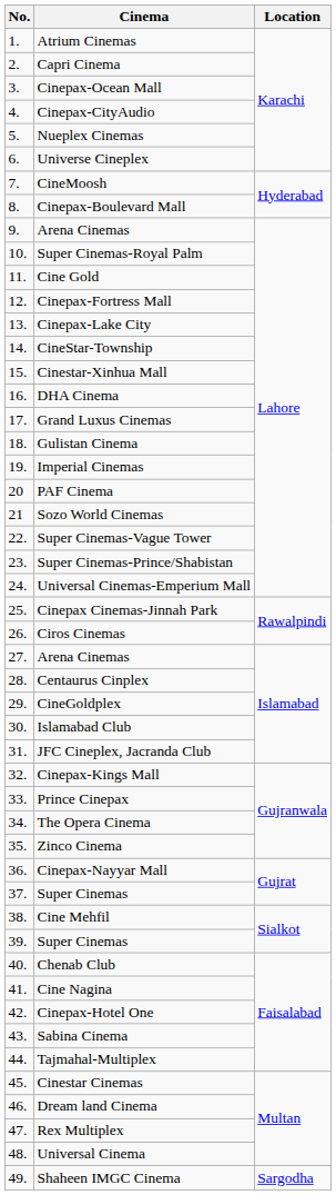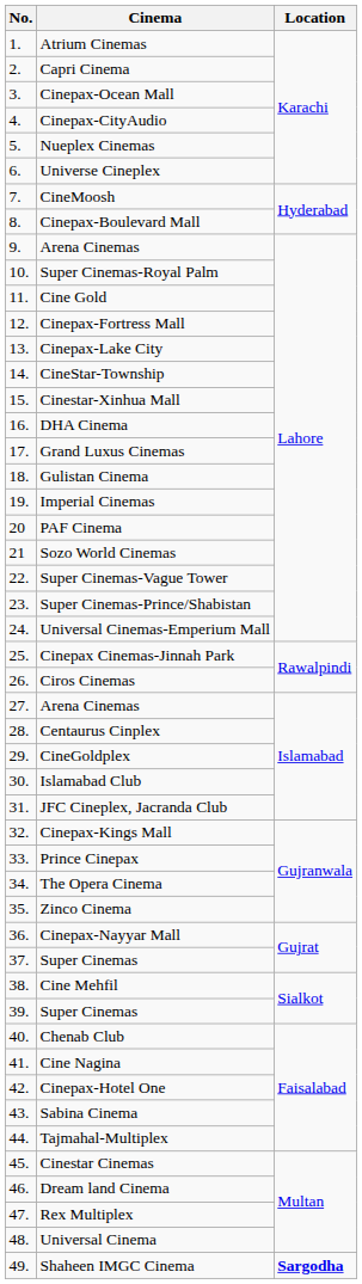 <table class="wikitable">
 <tr>
 <th>No.</th>
 <th>Cinema</th>
 <th>Location</th>
 </tr>
 <tr>
 <td>1.</td>
 <td>Atrium Cinemas</td>
 <td rowspan=6><a href='#'>Karachi</a></td>
 </tr>
 <tr>
 <td>2.</td>
 <td>Capri Cinema</td>
 </tr>
 <tr>
 <td>3.</td>
 <td>Cinepax-Ocean Mall</td>
 </tr>
 <tr>
 <td>4.</td>
 <td>Cinepax-CityAudio</td>
 </tr>
 <tr>
 <td>5.</td>
 <td>Nueplex Cinemas</td>
 </tr>
 <tr>
 <td>6.</td>
 <td>Universe Cineplex</td>
 </tr>
 <tr>
 <td>7.</td>
 <td>CineMoosh</td>
 <td rowspan=2><a href='#'>Hyderabad</a></td>
 </tr>
 <tr>
 <td>8.</td>
 <td>Cinepax-Boulevard Mall</td>
 </tr>
 <tr>
 <td>9.</td>
 <td>Arena Cinemas</td>
 <td rowspan=16><a href='#'>Lahore</a></td>
 </tr>
 <tr>
 <td>10.</td>
 <td>Super Cinemas-Royal Palm</td>
 </tr>
 <tr>
 <td>11.</td>
 <td>Cine Gold</td>
 </tr>
 <tr>
 <td>12.</td>
 <td>Cinepax-Fortress Mall</td>
 </tr>
 <tr>
 <td>13.</td>
 <td>Cinepax-Lake City</td>
 </tr>
 <tr>
 <td>14.</td>
 <td>CineStar-Township</td>
 </tr>
 <tr>
 <td>15.</td>
 <td>Cinestar-Xinhua Mall</td>
 </tr>
 <tr>
 <td>16.</td>
 <td>DHA Cinema</td>
 </tr>
 <tr>
 <td>17.</td>
 <td>Grand Luxus Cinemas</td>
 </tr>
 <tr>
 <td>18.</td>
 <td>Gulistan Cinema</td>
 </tr>
 <tr>
 <td>19.</td>
 <td>Imperial Cinemas</td>
 </tr>
 <tr>
 <td>20</td>
 <td>PAF Cinema</td>
 </tr>
 <tr>
 <td>21</td>
 <td>Sozo World Cinemas</td>
 </tr>
 <tr>
 <td>22.</td>
 <td>Super Cinemas-Vague Tower</td>
 </tr>
 <tr>
 <td>23.</td>
 <td>Super Cinemas-Prince/Shabistan</td>
 </tr>
 <tr>
 <td>24.</td>
 <td>Universal Cinemas-Emperium Mall</td>
 </tr>
 <tr>
 <td>25.</td>
 <td>Cinepax Cinemas-Jinnah Park</td>
 <td rowspan=2><a href='#'>Rawalpindi</a></td>
 </tr>
 <tr>
 <td>26.</td>
 <td>Ciros Cinemas</td>
 </tr>
 <tr>
 <td>27.</td>
 <td>Arena Cinemas</td>
 <td rowspan=5><a href='#'>Islamabad</a></td>
 </tr>
 <tr>
 <td>28.</td>
 <td>Centaurus Cinplex</td>
 </tr>
 <tr>
 <td>29.</td>
 <td>CineGoldplex</td>
 </tr>
 <tr>
 <td>30.</td>
 <td>Islamabad Club</td>
 </tr>
 <tr>
 <td>31.</td>
 <td>JFC Cineplex, Jacranda Club</td>
 </tr>
 <tr>
 <td>32.</td>
 <td>Cinepax-Kings Mall</td>
 <td rowspan=4><a href='#'>Gujranwala</a></td>
 </tr>
 <tr>
 <td>33.</td>
 <td>Prince Cinepax</td>
 </tr>
 <tr>
 <td>34.</td>
 <td>The Opera Cinema</td>
 </tr>
 <tr>
 <td>35.</td>
 <td>Zinco Cinema</td>
 </tr>
 <tr>
 <td>36.</td>
 <td>Cinepax-Nayyar Mall</td>
 <td rowspan=2><a href='#'>Gujrat</a></td>
 </tr>
 <tr>
 <td>37.</td>
 <td>Super Cinemas</td>
 </tr>
 <tr>
 <td>38.</td>
 <td>Cine Mehfil</td>
 <td rowspan=2><a href='#'>Sialkot</a></td>
 </tr>
 <tr>
 <td>39.</td>
 <td>Super Cinemas</td>
 </tr>
 <tr>
 <td>40.</td>
 <td>Chenab Club</td>
 <td rowspan=5><a href='#'>Faisalabad</a></td>
 </tr>
 <tr>
 <td>41.</td>
 <td>Cine Nagina</td>
 </tr>
 <tr>
 <td>42.</td>
 <td>Cinepax-Hotel One</td>
 </tr>
 <tr>
 <td>43.</td>
 <td>Sabina Cinema</td>
 </tr>
 <tr>
 <td>44.</td>
 <td>Tajmahal-Multiplex</td>
 </tr>
 <tr>
 <td>45.</td>
 <td>Cinestar Cinemas</td>
 <td rowspan=4><a href='#'>Multan</a></td>
 </tr>
 <tr>
 <td>46.</td>
 <td>Dream land Cinema</td>
 </tr>
 <tr>
 <td>47.</td>
 <td>Rex Multiplex</td>
 </tr>
 <tr>
 <td>48.</td>
 <td>Universal Cinema</td>
 </tr>
 <tr>
 <td>49.</td>
 <td>Shaheen IMGC Cinema</td>
-<td><a href='#'>Sargodha</a></td>
+<td><strong><a href='#'>Sargodha</a></strong></td>
 </tr>
 </table>
